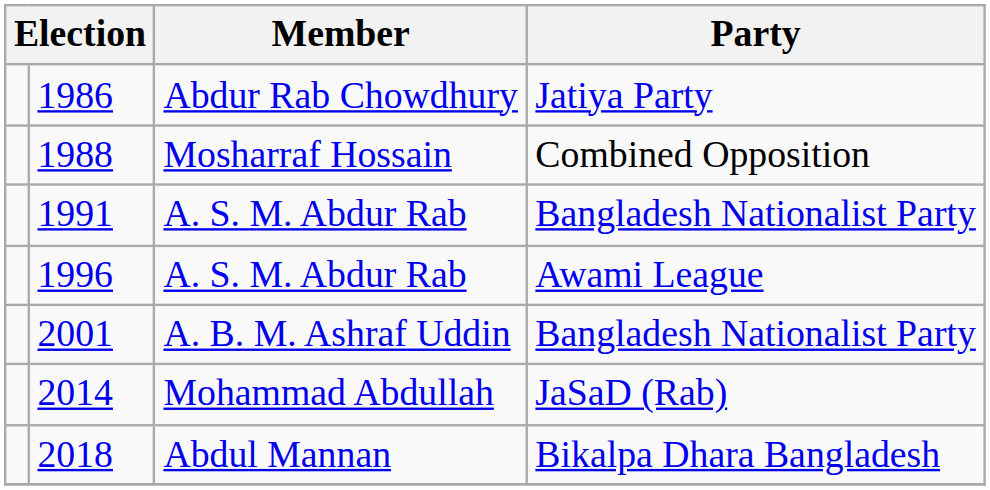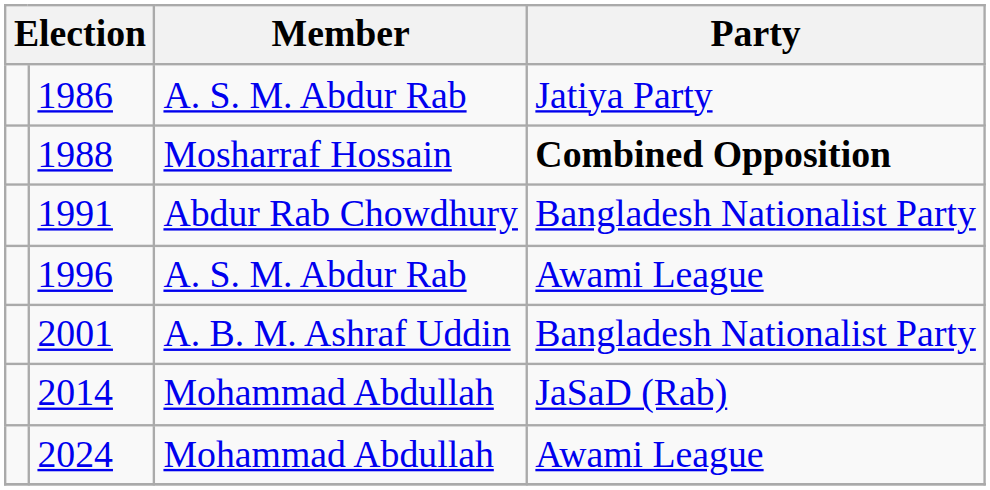 <table class="wikitable">
 <tr>
 <th colspan="2">Election</th>
 <th>Member</th>
 <th>Party</th>
 </tr>
 <tr>
 <td style="background-color:"></td>
 <td><a href='#'>1986</a></td>
-<td><a href='#'>Abdur Rab Chowdhury</a></td>
+<td><a href='#'>A. S. M. Abdur Rab</a></td>
 <td><a href='#'>Jatiya Party</a></td>
 </tr>
 <tr>
 <td></td>
 <td><a href='#'>1988</a></td>
 <td><a href='#'>Mosharraf Hossain</a></td>
-<td>Combined Opposition</td>
+<td><strong>Combined Opposition</strong></td>
 </tr>
 <tr>
 <td style="background-color:"></td>
 <td><a href='#'>1991</a></td>
-<td><a href='#'>A. S. M. Abdur Rab</a></td>
+<td><a href='#'>Abdur Rab Chowdhury</a></td>
 <td><a href='#'>Bangladesh Nationalist Party</a></td>
 </tr>
 <tr>
 <td style="background-color:"></td>
 <td><a href='#'>1996</a></td>
 <td><a href='#'>A. S. M. Abdur Rab</a></td>
 <td><a href='#'>Awami League</a></td>
 </tr>
 <tr>
 <td style="background-color:"></td>
 <td><a href='#'>2001</a></td>
 <td><a href='#'>A. B. M. Ashraf Uddin</a></td>
 <td><a href='#'>Bangladesh Nationalist Party</a></td>
 </tr>
 <tr>
 <td style="background-color:"></td>
 <td><a href='#'>2014</a></td>
 <td><a href='#'>Mohammad Abdullah</a></td>
 <td><a href='#'>JaSaD (Rab)</a></td>
 </tr>
 <tr>
 <td style="background-color:"></td>
-<td><a href='#'>2018</a></td>
-<td><a href='#'>Abdul Mannan</a></td>
-<td><a href='#'>Bikalpa Dhara Bangladesh</a></td>
+<td><a href='#'>2024</a></td>
+<td><a href='#'>Mohammad Abdullah</a></td>
+<td><a href='#'>Awami League</a></td>
 </tr>
 <tr>
 </tr>
 </table>
